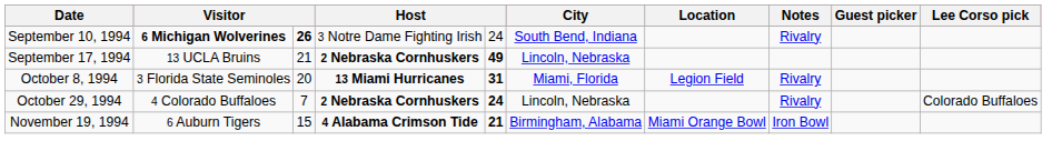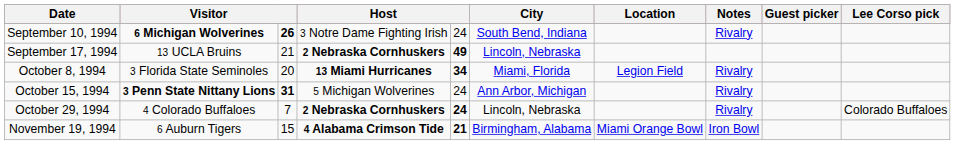 <table class="wikitable" style="text-align:center">
 <tr style="background:#A32638;"|>
 <th>Date</th>
 <th colspan=2>Visitor</th>
 <th colspan=2>Host</th>
 <th>City</th>
 <th>Location</th>
 <th>Notes</th>
 <th>Guest picker</th>
 <th>Lee Corso pick</th>
 </tr>
 <tr>
 <td>September 10, 1994</td>
 <td><strong><small>6</small> Michigan Wolverines</strong></td>
 <td><strong>26</strong></td>
 <td><small>3</small> Notre Dame Fighting Irish</td>
 <td>24</td>
 <td><a href='#'>South Bend, Indiana</a></td>
 <td></td>
 <td><a href='#'>Rivalry</a></td>
 <td></td>
 <td></td>
 </tr>
 <tr>
 <td>September 17, 1994</td>
 <td><small>13</small> UCLA Bruins</td>
 <td>21</td>
 <td><strong><small>2</small> Nebraska Cornhuskers</strong></td>
 <td><strong>49</strong></td>
 <td><a href='#'>Lincoln, Nebraska</a></td>
 <td></td>
 <td></td>
 <td></td>
 <td></td>
 </tr>
 <tr>
 <td>October 8, 1994</td>
 <td><small>3</small> Florida State Seminoles</td>
 <td>20</td>
 <td><strong><small>13</small> Miami Hurricanes</strong></td>
-<td><strong>31</strong></td>
+<td><strong>34</strong></td>
 <td><a href='#'>Miami, Florida</a></td>
 <td><a href='#'>Legion Field</a></td>
+<td><a href='#'>Rivalry</a></td>
+<td></td>
+<td></td>
+</tr>
+<tr>
+<td>October 15, 1994</td>
+<td><strong><small>3</small> Penn State Nittany Lions</strong></td>
+<td><strong>31</strong></td>
+<td><small>5</small> Michigan Wolverines</td>
+<td>24</td>
+<td><a href='#'>Ann Arbor, Michigan</a></td>
+<td></td>
 <td><a href='#'>Rivalry</a></td>
 <td></td>
 <td></td>
 </tr>
 <tr>
 <td>October 29, 1994</td>
 <td><small>4</small> Colorado Buffaloes</td>
 <td>7</td>
 <td><strong><small>2</small> Nebraska Cornhuskers</strong></td>
 <td><strong>24</strong></td>
 <td>Lincoln, Nebraska</td>
 <td></td>
 <td><a href='#'>Rivalry</a></td>
 <td></td>
 <td>Colorado Buffaloes</td>
 </tr>
 <tr>
 <td>November 19, 1994</td>
 <td><small>6</small> Auburn Tigers</td>
 <td>15</td>
 <td><strong><small>4</small> Alabama Crimson Tide</strong></td>
 <td><strong>21</strong></td>
 <td><a href='#'>Birmingham, Alabama</a></td>
 <td><a href='#'>Miami Orange Bowl</a></td>
 <td><a href='#'>Iron Bowl</a></td>
 <td></td>
 <td></td>
 </tr>
 </table>
